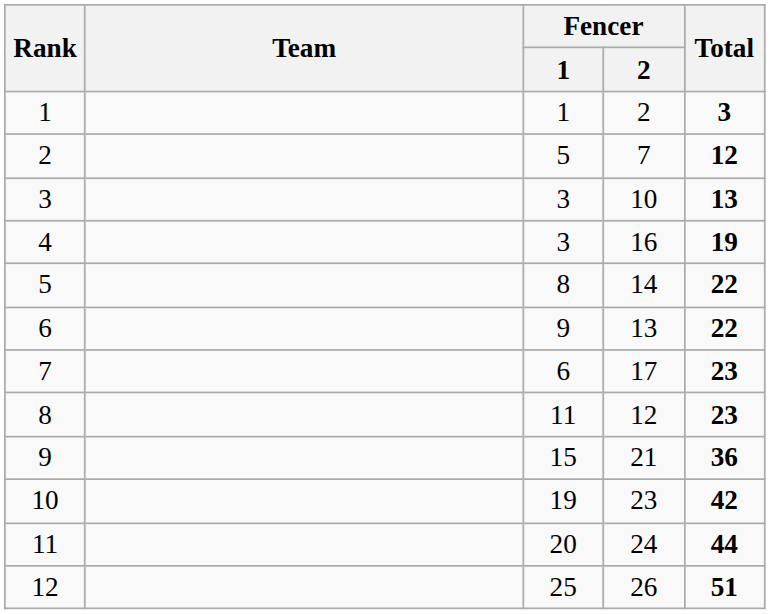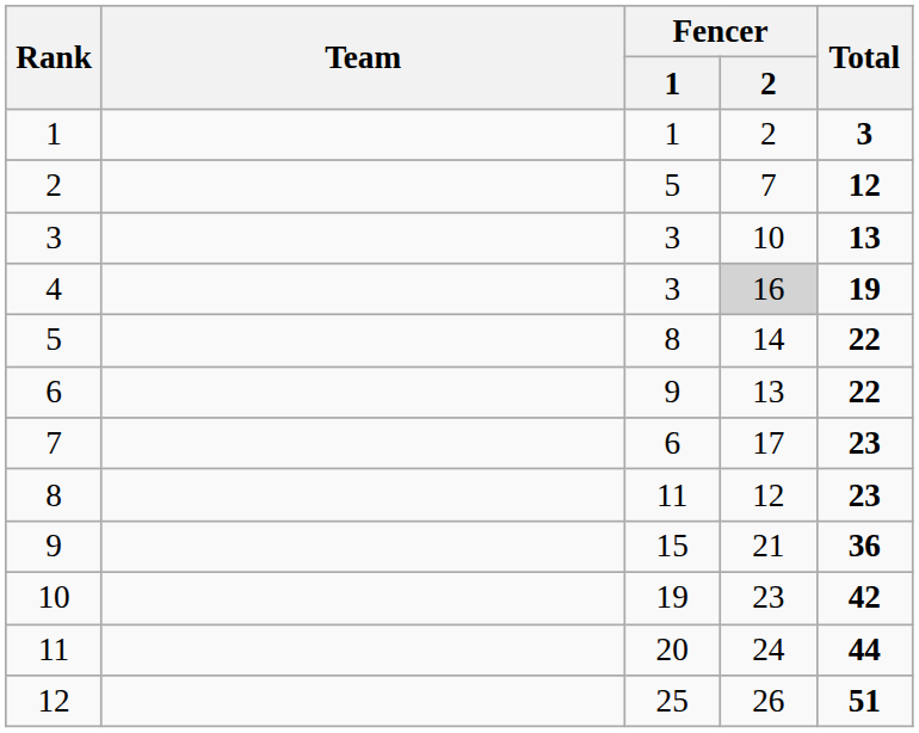 <table class=wikitable style="text-align:center">
 <tr>
 <th rowspan=2 width=40>Rank</th>
 <th rowspan=2 width=250>Team</th>
 <th colspan=2>Fencer</th>
 <th rowspan=2 width=40>Total</th>
 </tr>
 <tr>
 <th width=40>1</th>
 <th width=40>2</th>
 </tr>
 <tr>
 <td>1</td>
 <td align=left></td>
 <td>1</td>
 <td>2</td>
 <td><strong>3</strong></td>
 </tr>
 <tr>
 <td>2</td>
 <td align=left></td>
 <td>5</td>
 <td>7</td>
 <td><strong>12</strong></td>
 </tr>
 <tr>
 <td>3</td>
 <td align=left></td>
 <td>3</td>
 <td>10</td>
 <td><strong>13</strong></td>
 </tr>
 <tr>
 <td>4</td>
 <td align=left></td>
 <td>3</td>
-<td>16</td>
+<td style="background: lightgrey;">16</td>
 <td><strong>19</strong></td>
 </tr>
 <tr>
 <td>5</td>
 <td align=left></td>
 <td>8</td>
 <td>14</td>
 <td><strong>22</strong></td>
 </tr>
 <tr>
 <td>6</td>
 <td align=left></td>
 <td>9</td>
 <td>13</td>
 <td><strong>22</strong></td>
 </tr>
 <tr>
 <td>7</td>
 <td align=left></td>
 <td>6</td>
 <td>17</td>
 <td><strong>23</strong></td>
 </tr>
 <tr>
 <td>8</td>
 <td align=left></td>
 <td>11</td>
 <td>12</td>
 <td><strong>23</strong></td>
 </tr>
 <tr>
 <td>9</td>
 <td align=left></td>
 <td>15</td>
 <td>21</td>
 <td><strong>36</strong></td>
 </tr>
 <tr>
 <td>10</td>
 <td align=left></td>
 <td>19</td>
 <td>23</td>
 <td><strong>42</strong></td>
 </tr>
 <tr>
 <td>11</td>
 <td align=left></td>
 <td>20</td>
 <td>24</td>
 <td><strong>44</strong></td>
 </tr>
 <tr>
 <td>12</td>
 <td align=left></td>
 <td>25</td>
 <td>26</td>
 <td><strong>51</strong></td>
 </tr>
 </table>
